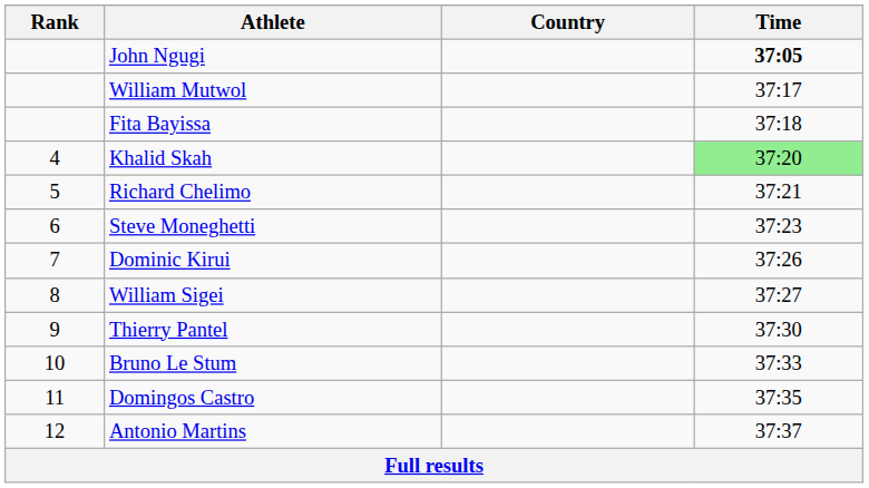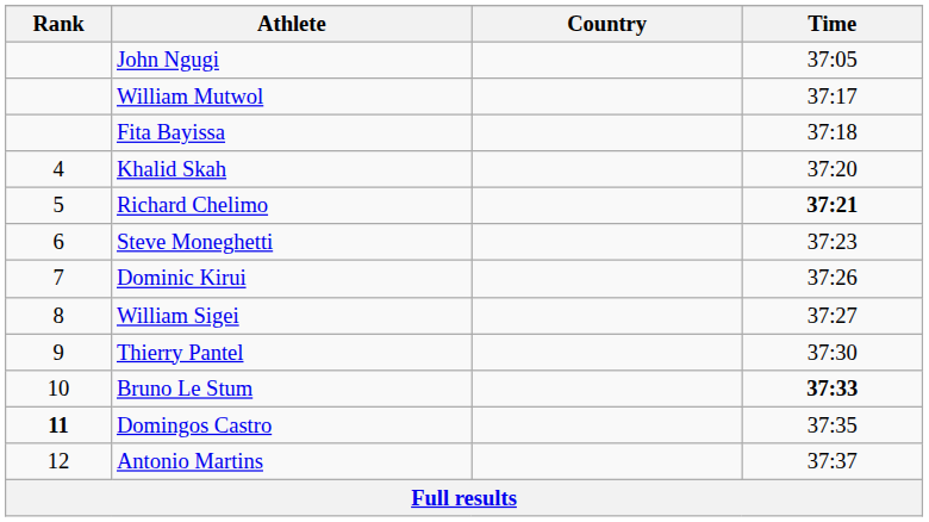 <table class="wikitable sortable" style=" text-align:center; font-size:95%;" width="50%">
 <tr>
 </tr>
 <tr>
 <th width=5%>Rank</th>
 <th width=20%>Athlete</th>
 <th width=15%>Country</th>
 <th width=10%>Time</th>
 </tr>
 <tr>
 <td align=center></td>
 <td align=left><a href='#'>John Ngugi</a></td>
 <td align=left></td>
-<td><strong>37:05</strong></td>
+<td>37:05</td>
 </tr>
 <tr>
 <td align=center></td>
 <td align=left><a href='#'>William Mutwol</a></td>
 <td align=left></td>
 <td>37:17</td>
 </tr>
 <tr>
 <td align=center></td>
 <td align=left><a href='#'>Fita Bayissa</a></td>
 <td align=left></td>
 <td>37:18</td>
 </tr>
 <tr>
 <td align=center>4</td>
 <td align=left><a href='#'>Khalid Skah</a></td>
 <td align=left></td>
-<td style="background: lightgreen;">37:20</td>
+<td>37:20</td>
 </tr>
 <tr>
 <td align=center>5</td>
 <td align=left><a href='#'>Richard Chelimo</a></td>
 <td align=left></td>
-<td>37:21</td>
+<td><strong>37:21</strong></td>
 </tr>
 <tr>
 <td align=center>6</td>
 <td align=left><a href='#'>Steve Moneghetti</a></td>
 <td align=left></td>
 <td>37:23</td>
 </tr>
 <tr>
 <td align=center>7</td>
 <td align=left><a href='#'>Dominic Kirui</a></td>
 <td align=left></td>
 <td>37:26</td>
 </tr>
 <tr>
 <td align=center>8</td>
 <td align=left><a href='#'>William Sigei</a></td>
 <td align=left></td>
 <td>37:27</td>
 </tr>
 <tr>
 <td align=center>9</td>
 <td align=left><a href='#'>Thierry Pantel</a></td>
 <td align=left></td>
 <td>37:30</td>
 </tr>
 <tr>
 <td align=center>10</td>
 <td align=left><a href='#'>Bruno Le Stum</a></td>
 <td align=left></td>
-<td>37:33</td>
+<td><strong>37:33</strong></td>
 </tr>
 <tr>
-<td align=center>11</td>
+<td align=center><strong>11</strong></td>
 <td align=left><a href='#'>Domingos Castro</a></td>
 <td align=left></td>
 <td>37:35</td>
 </tr>
 <tr>
 <td align=center>12</td>
 <td align=left><a href='#'>Antonio Martins</a></td>
 <td align=left></td>
 <td>37:37</td>
 </tr>
 <tr class="sortbottom">
 <th colspan=4 align=center><a href='#'>Full results</a></th>
 </tr>
 </table>
